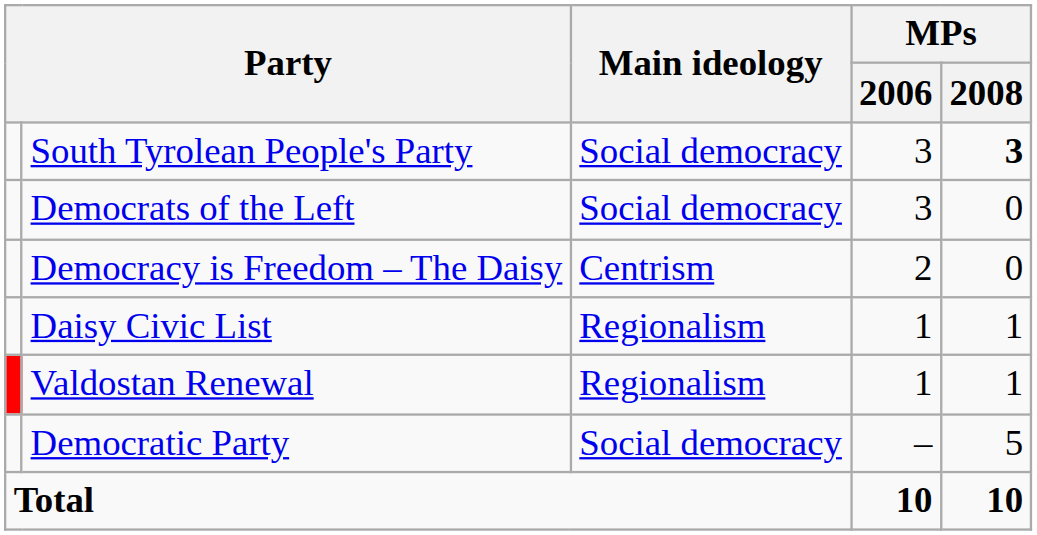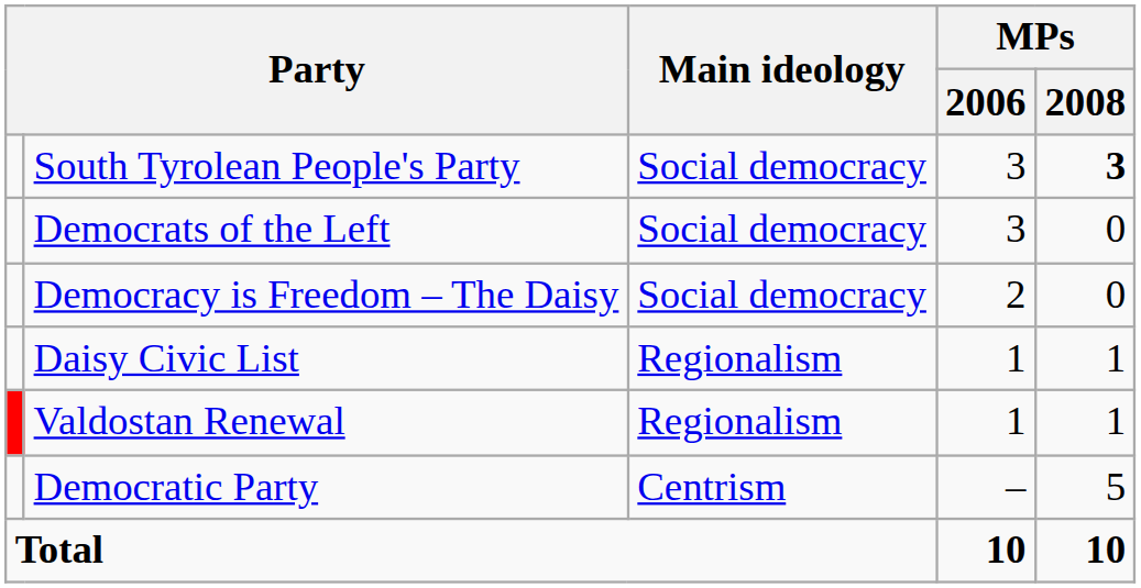 <table class="wikitable" style="font-size:100%">
 <tr>
 <th rowspan=2 colspan=2>Party</th>
 <th rowspan=2>Main ideology</th>
 <th colspan=2>MPs</th>
 </tr>
 <tr>
 <th>2006</th>
 <th>2008</th>
 </tr>
 <tr>
 <td></td>
 <td><a href='#'>South Tyrolean People's Party</a></td>
 <td><a href='#'>Social democracy</a></td>
 <td align=right>3</td>
 <td align=right><strong>3</strong></td>
 </tr>
 <tr>
 <td></td>
 <td><a href='#'>Democrats of the Left</a></td>
 <td><a href='#'>Social democracy</a></td>
 <td align=right>3</td>
 <td align=right>0</td>
 </tr>
 <tr>
 <td></td>
 <td><a href='#'>Democracy is Freedom – The Daisy</a></td>
-<td><a href='#'>Centrism</a></td>
+<td><a href='#'>Social democracy</a></td>
 <td align=right>2</td>
 <td align=right>0</td>
 </tr>
 <tr>
 <td></td>
 <td><a href='#'>Daisy Civic List</a></td>
 <td><a href='#'>Regionalism</a></td>
 <td align=right>1</td>
 <td align=right>1</td>
 </tr>
 <tr>
 <td bgcolor="red"></td>
 <td><a href='#'>Valdostan Renewal</a></td>
 <td><a href='#'>Regionalism</a></td>
 <td align=right>1</td>
 <td align=right>1</td>
 </tr>
 <tr>
 <td></td>
 <td><a href='#'>Democratic Party</a></td>
-<td><a href='#'>Social democracy</a></td>
+<td><a href='#'>Centrism</a></td>
 <td align=right>–</td>
 <td align=right>5</td>
 </tr>
 <tr>
 <td colspan=3><strong>Total</strong></td>
 <td align=right><strong>10</strong></td>
 <td align=right><strong>10</strong></td>
 </tr>
 </table>
